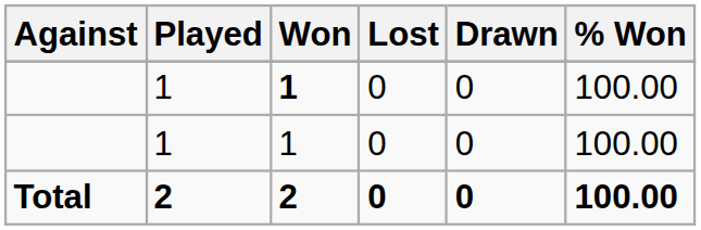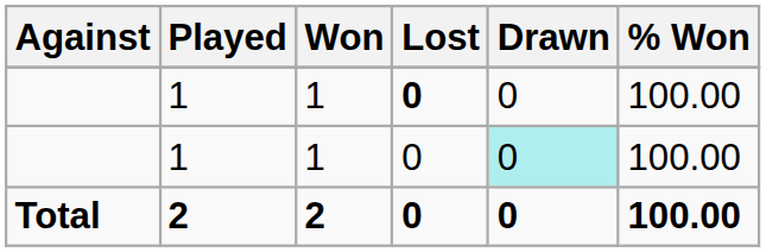 <table class="sortable wikitable" style="font-size: 87%;">
 <tr>
 <th>Against</th>
 <th>Played</th>
 <th>Won</th>
 <th>Lost</th>
 <th>Drawn</th>
 <th>% Won</th>
 </tr>
 <tr bgcolor="#d0ffd0" align="center">
 </tr>
 <tr>
 <td align="left"></td>
 <td>1</td>
-<td><strong>1</strong></td>
-<td>0</td>
+<td>1</td>
+<td><strong>0</strong></td>
 <td>0</td>
 <td>100.00</td>
 </tr>
 <tr>
 <td align="left"></td>
 <td>1</td>
 <td>1</td>
 <td>0</td>
-<td>0</td>
+<td style="background: paleturquoise;">0</td>
 <td>100.00</td>
 </tr>
 <tr>
 <td align="left"><strong>Total</strong></td>
 <td><strong>2</strong></td>
 <td><strong>2</strong></td>
 <td><strong>0</strong></td>
 <td><strong>0</strong></td>
 <td><strong>100.00</strong></td>
 </tr>
 </table>
